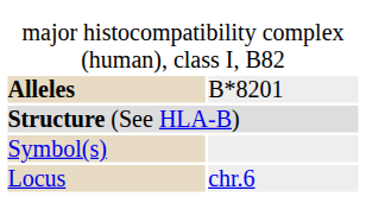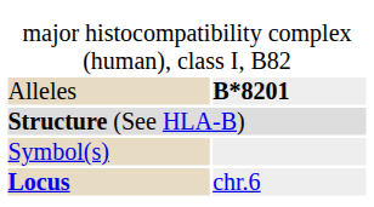 <table id="drugInfoBox" style="float: right; clear: right; margin: 0 0 0.5em 1em; background: #ffffff;" class="toccolours" border=0 cellpadding=0 align=right width="240px">
 <tr align="center">
 <td colspan="3"></td>
 </tr>
 <tr>
 <td align="center" colspan="3"></td>
 </tr>
 <tr style="text-align: center; line-height: 1.00;background:#eeeeee">
 <td colspan="3" color="white"></td>
 </tr>
 <tr>
 <td align="center" colspan="2"></td>
 </tr>
 <tr>
 <td align="center" colspan="2"><div>major histocompatibility complex (human), class I, B82</div></td>
 </tr>
 <tr>
-<td bgcolor="#e7dcc3"><strong>Alleles</strong></td>
-<td bgcolor="#eeeeee">B*8201 <br></td>
+<td bgcolor="#e7dcc3">Alleles</td>
+<td bgcolor="#eeeeee"><strong>B*8201 <br></strong></td>
 </tr>
 <tr>
 <td colspan="2" bgcolor="#dddddd"><strong>Structure</strong> (See <a href='#'>HLA-B</a>)</td>
 </tr>
 <tr>
 <td bgcolor="#e7dcc3"><a href='#'>Symbol(s)</a></td>
 <td bgcolor="#eeeeee"></td>
 </tr>
 <tr>
-<td bgcolor="#e7dcc3"><a href='#'>Locus</a></td>
+<td bgcolor="#e7dcc3"><strong><a href='#'>Locus</a></strong></td>
 <td bgcolor="#eeeeee"><a href='#'>chr.6</a> <em></em></td>
 </tr>
 <tr>
 </tr>
 </table>
